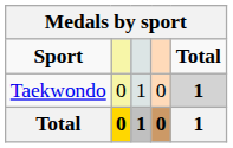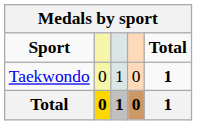 <table class="wikitable" style="font-size:85%; text-align:center;">
 <tr style="background:#efefef;">
 <th colspan=5><strong>Medals by sport</strong></th>
 </tr>
 <tr>
 <td><strong>Sport</strong></td>
 <td style="background:#f7f6a8;"></td>
 <td style="background:#dce5e5;"></td>
 <td style="background:#ffdab9;"></td>
 <td><strong>Total</strong></td>
 </tr>
 <tr>
 <td><a href='#'>Taekwondo</a></td>
 <td style="background:#F7F6A8;">0</td>
 <td style="background:#DCE5E5;">1</td>
 <td style="background:#FFDAB9;">0</td>
-<td style="background: lightgrey;"><strong>1</strong></td>
+<td><strong>1</strong></td>
 </tr>
 <tr>
 <th>Total</th>
 <th style="background:gold;"  >0</th>
 <th style="background:silver;">1</th>
 <th style="background:#c96;"  >0</th>
 <th>1</th>
 </tr>
 </table>
